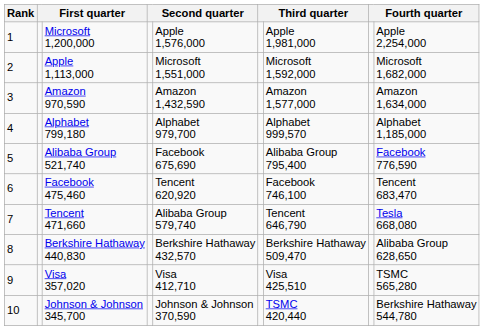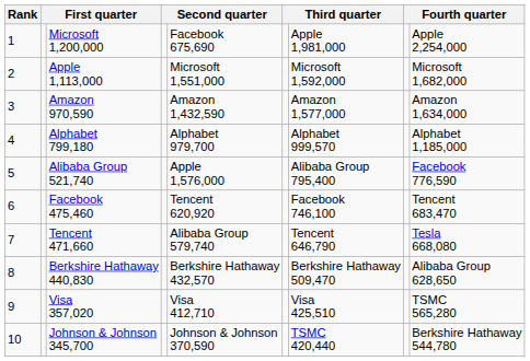 <table class="wikitable">
 <tr>
 <th>Rank</th>
 <th colspan = 2>First quarter</th>
 <th colspan = 2>Second quarter</th>
 <th colspan = 2>Third quarter</th>
 <th colspan = 2>Fourth quarter</th>
 </tr>
 <tr>
 <td>1</td>
 <td></td>
 <td><a href='#'>Microsoft</a> <br> 1,200,000</td>
 <td></td>
-<td>Apple <br> 1,576,000</td>
+<td>Facebook <br> 675,690</td>
 <td></td>
 <td>Apple <br> 1,981,000</td>
 <td></td>
 <td>Apple <br> 2,254,000</td>
 </tr>
 <tr>
 <td>2</td>
 <td></td>
 <td><a href='#'>Apple</a> <br> 1,113,000</td>
 <td></td>
 <td>Microsoft <br> 1,551,000</td>
 <td></td>
 <td>Microsoft <br> 1,592,000</td>
 <td></td>
 <td>Microsoft <br> 1,682,000</td>
 </tr>
 <tr>
 <td>3</td>
 <td></td>
 <td><a href='#'>Amazon</a> <br> 970,590</td>
 <td></td>
 <td>Amazon <br> 1,432,590</td>
 <td></td>
 <td>Amazon <br> 1,577,000</td>
 <td></td>
 <td>Amazon <br> 1,634,000</td>
 </tr>
 <tr>
 <td>4</td>
 <td></td>
 <td><a href='#'>Alphabet</a> <br> 799,180</td>
 <td></td>
 <td>Alphabet <br> 979,700</td>
 <td></td>
 <td>Alphabet <br> 999,570</td>
 <td></td>
 <td>Alphabet <br> 1,185,000</td>
 </tr>
 <tr>
 <td>5</td>
 <td></td>
 <td><a href='#'>Alibaba Group</a> <br> 521,740</td>
 <td></td>
-<td>Facebook <br> 675,690</td>
+<td>Apple <br> 1,576,000</td>
 <td></td>
 <td>Alibaba Group <br> 795,400</td>
 <td></td>
 <td><a href='#'>Facebook</a> <br> 776,590</td>
 </tr>
 <tr>
 <td>6</td>
 <td></td>
 <td><a href='#'>Facebook</a> <br> 475,460</td>
 <td></td>
 <td>Tencent <br> 620,920</td>
 <td></td>
 <td>Facebook <br> 746,100</td>
 <td></td>
 <td>Tencent <br> 683,470</td>
 </tr>
 <tr>
 <td>7</td>
 <td></td>
 <td><a href='#'>Tencent</a> <br> 471,660</td>
 <td></td>
 <td>Alibaba Group <br> 579,740</td>
 <td></td>
 <td>Tencent <br> 646,790</td>
 <td></td>
 <td><a href='#'>Tesla</a> <br> 668,080</td>
 </tr>
 <tr>
 <td>8</td>
 <td></td>
 <td><a href='#'>Berkshire Hathaway</a> <br> 440,830</td>
 <td></td>
 <td>Berkshire Hathaway <br> 432,570</td>
 <td></td>
 <td>Berkshire Hathaway <br> 509,470</td>
 <td></td>
 <td>Alibaba Group <br> 628,650</td>
 </tr>
 <tr>
 <td>9</td>
 <td></td>
 <td><a href='#'>Visa</a> <br> 357,020</td>
 <td></td>
 <td>Visa <br> 412,710</td>
 <td></td>
 <td>Visa <br> 425,510</td>
 <td></td>
 <td>TSMC <br> 565,280</td>
 </tr>
 <tr>
 <td>10</td>
 <td></td>
 <td><a href='#'>Johnson & Johnson</a> <br> 345,700</td>
 <td></td>
 <td>Johnson & Johnson <br> 370,590</td>
 <td></td>
 <td><a href='#'>TSMC</a> <br> 420,440</td>
 <td></td>
 <td>Berkshire Hathaway <br> 544,780</td>
 </tr>
 </table>
